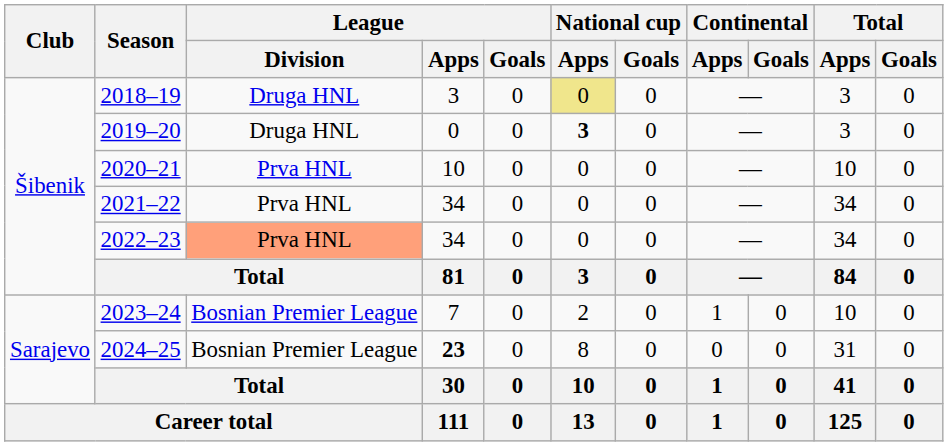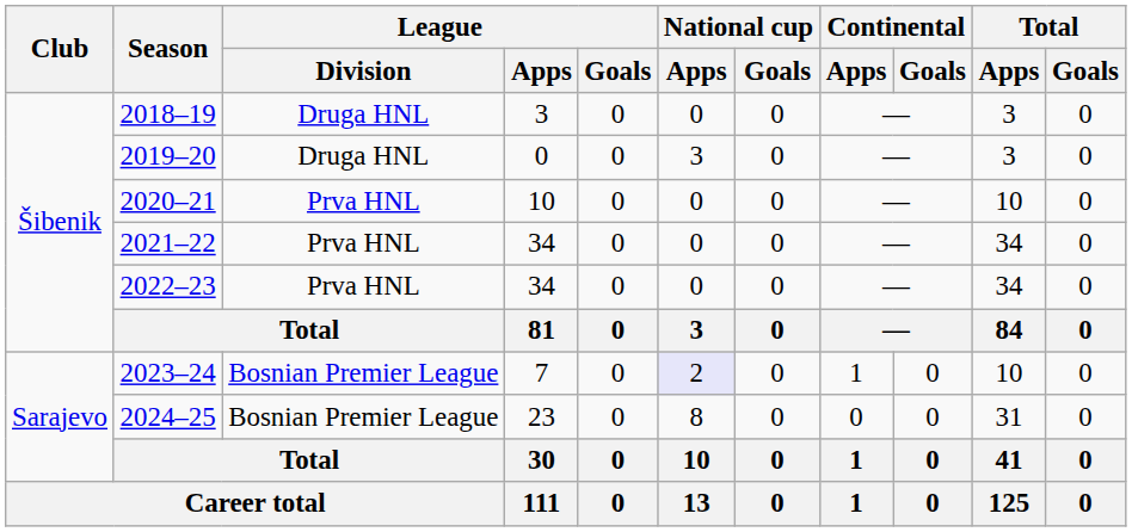 <table class="wikitable" style="text-align:center">
 <tr>
 <th rowspan=2>Club</th>
 <th rowspan=2>Season</th>
 <th colspan=3>League</th>
 <th colspan=2>National cup</th>
 <th colspan=2>Continental</th>
 <th colspan=2>Total</th>
 </tr>
 <tr>
 <th>Division</th>
 <th>Apps</th>
 <th>Goals</th>
 <th>Apps</th>
 <th>Goals</th>
 <th>Apps</th>
 <th>Goals</th>
 <th>Apps</th>
 <th>Goals</th>
 </tr>
 <tr>
 <td rowspan=6><a href='#'>Šibenik</a></td>
 <td><a href='#'>2018–19</a></td>
 <td><a href='#'>Druga HNL</a></td>
 <td>3</td>
 <td>0</td>
-<td style="background: khaki;">0</td>
+<td>0</td>
 <td>0</td>
 <td colspan=2>—</td>
 <td>3</td>
 <td>0</td>
 </tr>
 <tr>
 <td><a href='#'>2019–20</a></td>
 <td>Druga HNL</td>
 <td>0</td>
 <td>0</td>
-<td><strong>3</strong></td>
+<td>3</td>
 <td>0</td>
 <td colspan=2>—</td>
 <td>3</td>
 <td>0</td>
 </tr>
 <tr>
 <td><a href='#'>2020–21</a></td>
 <td><a href='#'>Prva HNL</a></td>
 <td>10</td>
 <td>0</td>
 <td>0</td>
 <td>0</td>
 <td colspan=2>—</td>
 <td>10</td>
 <td>0</td>
 </tr>
 <tr>
 <td><a href='#'>2021–22</a></td>
 <td>Prva HNL</td>
 <td>34</td>
 <td>0</td>
 <td>0</td>
 <td>0</td>
 <td colspan=2>—</td>
 <td>34</td>
 <td>0</td>
 </tr>
 <tr>
 <td><a href='#'>2022–23</a></td>
-<td style="background: lightsalmon;">Prva HNL</td>
+<td>Prva HNL</td>
 <td>34</td>
 <td>0</td>
 <td>0</td>
 <td>0</td>
 <td colspan=2>—</td>
 <td>34</td>
 <td>0</td>
 </tr>
 <tr>
 <th colspan=2>Total</th>
 <th>81</th>
 <th>0</th>
 <th>3</th>
 <th>0</th>
 <th colspan=2>—</th>
 <th>84</th>
 <th>0</th>
 </tr>
 <tr>
 <td rowspan=3><a href='#'>Sarajevo</a></td>
 <td><a href='#'>2023–24</a></td>
 <td><a href='#'>Bosnian Premier League</a></td>
 <td>7</td>
 <td>0</td>
-<td>2</td>
+<td style="background: lavender;">2</td>
 <td>0</td>
 <td>1</td>
 <td>0</td>
 <td>10</td>
 <td>0</td>
 </tr>
 <tr>
 <td><a href='#'>2024–25</a></td>
 <td>Bosnian Premier League</td>
-<td><strong>23</strong></td>
+<td>23</td>
 <td>0</td>
 <td>8</td>
 <td>0</td>
 <td>0</td>
 <td>0</td>
 <td>31</td>
 <td>0</td>
 </tr>
 <tr>
 <th colspan=2>Total</th>
 <th>30</th>
 <th>0</th>
 <th>10</th>
 <th>0</th>
 <th>1</th>
 <th>0</th>
 <th>41</th>
 <th>0</th>
 </tr>
 <tr>
 <th colspan=3>Career total</th>
 <th>111</th>
 <th>0</th>
 <th>13</th>
 <th>0</th>
 <th>1</th>
 <th>0</th>
 <th>125</th>
 <th>0</th>
 </tr>
 </table>
